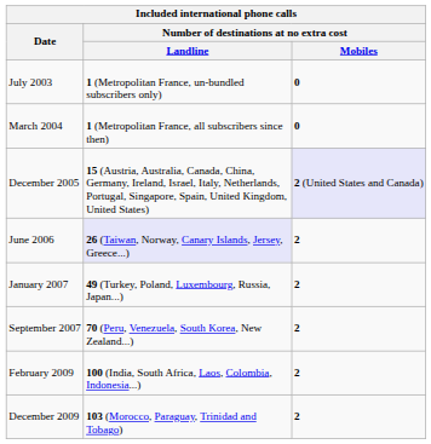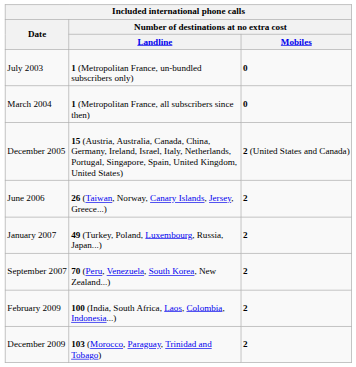 <table class="wikitable" style="font-size: 85%; text-align: left; float: right;">
 <tr>
 <th colspan="3">Included international phone calls</th>
 </tr>
 <tr>
 <th rowspan="2">Date</th>
 <th colspan="2">Number of destinations at no extra cost</th>
 </tr>
 <tr>
 <th scope="col" style="width:250px;"><a href='#'>Landline</a></th>
 <th><a href='#'>Mobiles</a></th>
 </tr>
 <tr>
 <td>July 2003</td>
 <td><br><strong>1</strong> (Metropolitan France, un-bundled subscribers only)</td>
 <td><strong>0</strong></td>
 </tr>
 <tr>
 <td>March 2004</td>
 <td><br><strong>1</strong> (Metropolitan France, all subscribers since then)</td>
 <td><strong>0</strong></td>
 </tr>
 <tr>
 <td>December 2005</td>
 <td><br><strong>15</strong> (Austria, Australia, Canada, China, Germany, Ireland, Israel, Italy, Netherlands, Portugal, Singapore, Spain, United Kingdom, United States)</td>
-<td style="background: lavender;"><strong>2</strong> (United States and Canada)</td>
+<td><strong>2</strong> (United States and Canada)</td>
 </tr>
 <tr>
 <td>June 2006</td>
-<td style="background: lavender;"><br><strong>26</strong> (<a href='#'>Taiwan</a>, Norway, <a href='#'>Canary Islands</a>, <a href='#'>Jersey</a>, Greece...)</td>
+<td><br><strong>26</strong> (<a href='#'>Taiwan</a>, Norway, <a href='#'>Canary Islands</a>, <a href='#'>Jersey</a>, Greece...)</td>
 <td><strong>2</strong></td>
 </tr>
 <tr>
 <td>January 2007</td>
 <td><br><strong>49</strong> (Turkey, Poland, <a href='#'>Luxembourg</a>, Russia, Japan...)</td>
 <td><strong>2</strong></td>
 </tr>
 <tr>
 <td>September 2007</td>
 <td><br><strong>70</strong> (<a href='#'>Peru</a>, <a href='#'>Venezuela</a>, <a href='#'>South Korea</a>, New Zealand...)</td>
 <td><strong>2</strong></td>
 </tr>
 <tr>
 <td>February 2009</td>
 <td><br><strong>100</strong> (India, South Africa, <a href='#'>Laos</a>, <a href='#'>Colombia</a>, <a href='#'>Indonesia</a>...)</td>
 <td><strong>2</strong></td>
 </tr>
 <tr>
 <td>December 2009</td>
 <td><br><strong>103</strong> (<a href='#'>Morocco</a>, <a href='#'>Paraguay</a>, <a href='#'>Trinidad and Tobago</a>)</td>
 <td><strong>2</strong></td>
 </tr>
 </table>
